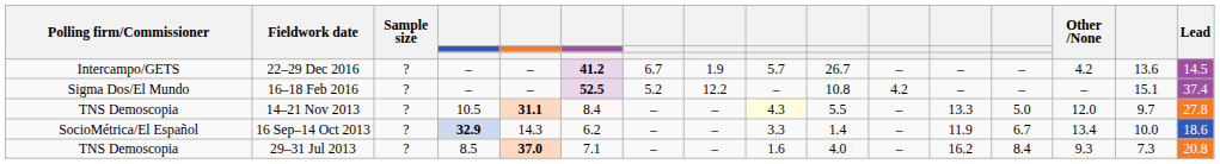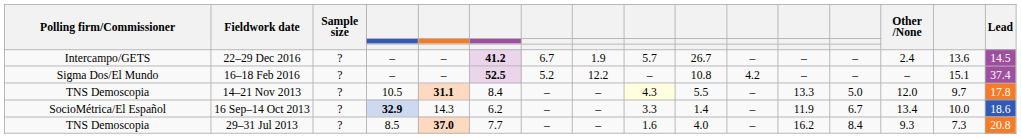 <table class="wikitable collapsible collapsed" style="text-align:center; font-size:90%; line-height:14px;">
 <tr style="height:42px;">
 <th style="width:260px;" rowspan="3">Polling firm/Commissioner</th>
 <th style="width:125px;" rowspan="3">Fieldwork date</th>
 <th style="width:60px;" rowspan="3">Sample size</th>
 <th style="width:60px;"></th>
 <th style="width:60px;"></th>
 <th style="width:60px;"></th>
 <th style="width:60px;"></th>
 <th style="width:60px;"></th>
 <th style="width:60px;"></th>
 <th style="width:60px;"></th>
 <th style="width:60px;"></th>
 <th style="width:60px;"></th>
 <th style="width:60px;"></th>
 <th style="width:60px;" rowspan="3">Other<br>/None</th>
 <th style="width:60px;" rowspan="3"></th>
 <th style="width:30px;" rowspan="3">Lead</th>
 </tr>
 <tr>
 <th style="color:inherit;background:#3259B6;"></th>
 <th style="color:inherit;background:#F77B25;"></th>
 <th style="color:inherit;background:#9F4F9F;"></th>
 <th style="color:inherit;background:"></th>
 <th style="color:inherit;background:"></th>
 <th style="color:inherit;background:"></th>
 <th style="color:inherit;background:"></th>
 <th style="color:inherit;background:"></th>
 <th style="color:inherit;background:"></th>
 <th style="color:inherit;background:"></th>
 </tr>
 <tr>
 <th></th>
 <th></th>
 <th></th>
 <th></th>
 <th></th>
 <th></th>
 <th></th>
 <th></th>
 <th></th>
 <th></th>
 </tr>
 <tr>
 <td>Intercampo/GETS</td>
 <td>22–29 Dec 2016</td>
 <td>?</td>
 <td>–</td>
 <td>–</td>
 <td style="color:inherit;background:#EAD5EA;"><strong>41.2</strong></td>
 <td>6.7</td>
 <td>1.9</td>
 <td>5.7</td>
 <td>26.7</td>
 <td>–</td>
 <td>–</td>
 <td>–</td>
-<td>4.2</td>
+<td>2.4</td>
 <td>13.6</td>
 <td style="color:inherit;background:#9F4F9F; color:white;">14.5</td>
 </tr>
 <tr>
 <td>Sigma Dos/El Mundo</td>
 <td>16–18 Feb 2016</td>
 <td>?</td>
 <td>–</td>
 <td>–</td>
 <td style="color:inherit;background:#EAD5EA;"><strong>52.5</strong></td>
 <td>5.2</td>
 <td>12.2</td>
 <td>–</td>
 <td>10.8</td>
 <td>4.2</td>
 <td>–</td>
 <td>–</td>
 <td>–</td>
 <td>15.1</td>
 <td style="color:inherit;background:#9F4F9F; color:white;">37.4</td>
 </tr>
 <tr>
 <td>TNS Demoscopia</td>
 <td>14–21 Nov 2013</td>
 <td>?</td>
 <td>10.5</td>
 <td style="color:inherit;background:#FDD9C1;"><strong>31.1</strong></td>
 <td>8.4</td>
 <td>–</td>
 <td>–</td>
 <td style="background: lightyellow;">4.3</td>
 <td>5.5</td>
 <td>–</td>
 <td>13.3</td>
 <td>5.0</td>
 <td>12.0</td>
 <td>9.7</td>
-<td style="color:inherit;background:#F77B25; color:white;">27.8</td>
+<td style="color:inherit;background:#F77B25; color:white;">17.8</td>
 </tr>
 <tr>
 <td>SocioMétrica/El Español</td>
 <td>16 Sep–14 Oct 2013</td>
 <td>?</td>
 <td style="color:inherit;background:#CDD8F1;"><strong>32.9</strong></td>
 <td>14.3</td>
 <td>6.2</td>
 <td>–</td>
 <td>–</td>
 <td>3.3</td>
 <td>1.4</td>
 <td>–</td>
 <td>11.9</td>
 <td>6.7</td>
 <td>13.4</td>
 <td>10.0</td>
 <td style="color:inherit;background:#3259B6; color:white;">18.6</td>
 </tr>
 <tr>
 <td>TNS Demoscopia</td>
 <td>29–31 Jul 2013</td>
 <td>?</td>
 <td>8.5</td>
 <td style="color:inherit;background:#FDD9C1;"><strong>37.0</strong></td>
-<td>7.1</td>
+<td>7.7</td>
 <td>–</td>
 <td>–</td>
 <td>1.6</td>
 <td>4.0</td>
 <td>–</td>
 <td>16.2</td>
 <td>8.4</td>
 <td>9.3</td>
 <td>7.3</td>
 <td style="color:inherit;background:#F77B25; color:white;">20.8</td>
 </tr>
 </table>
